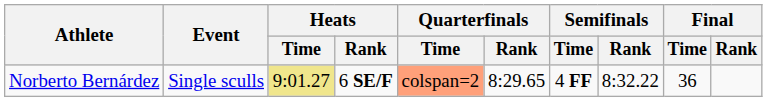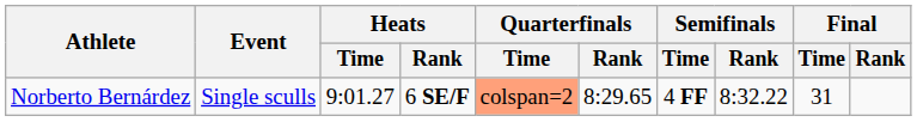 <table class="wikitable" style="font-size:90%">
 <tr>
 <th rowspan="2">Athlete</th>
 <th rowspan="2">Event</th>
 <th colspan="2">Heats</th>
 <th colspan="2">Quarterfinals</th>
 <th colspan="2">Semifinals</th>
 <th colspan="2">Final</th>
 </tr>
 <tr style="font-size:95%">
 <th>Time</th>
 <th>Rank</th>
 <th>Time</th>
 <th>Rank</th>
 <th>Time</th>
 <th>Rank</th>
 <th>Time</th>
 <th>Rank</th>
 </tr>
 <tr align=center>
 <td align=left><a href='#'>Norberto Bernárdez</a></td>
 <td align=left><a href='#'>Single sculls</a></td>
-<td style="background: khaki;">9:01.27</td>
+<td>9:01.27</td>
 <td>6 <strong>SE/F</strong></td>
 <td style="background: lightsalmon;">colspan=2 </td>
 <td>8:29.65</td>
 <td>4 <strong>FF</strong></td>
 <td>8:32.22</td>
-<td>36</td>
+<td>31</td>
 </tr>
 </table>
